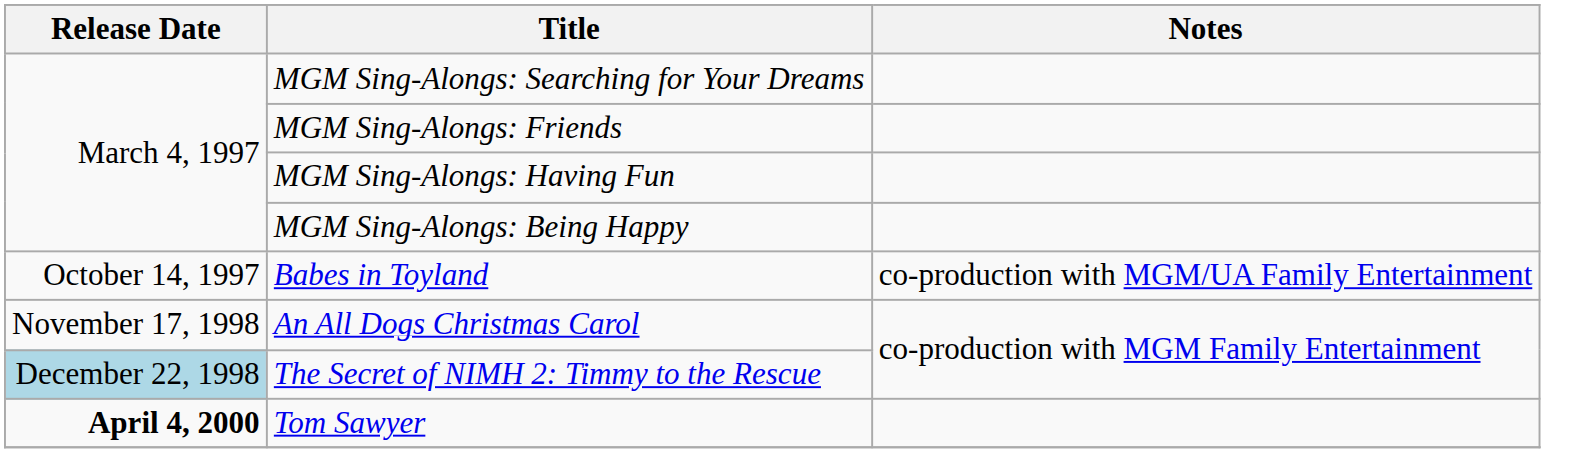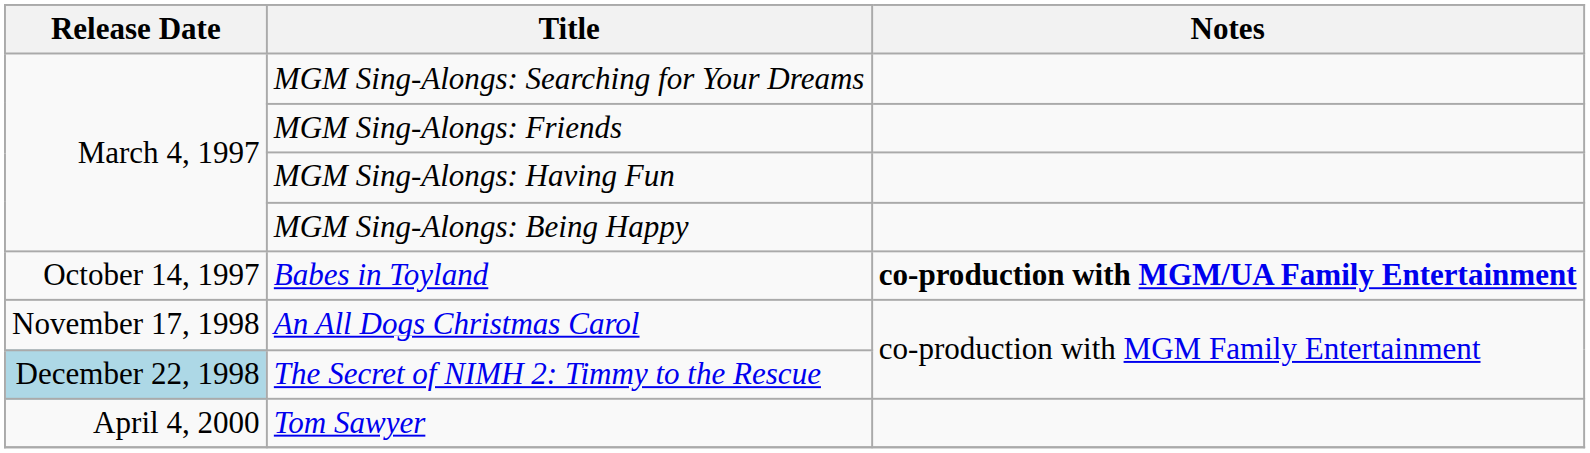 <table class="wikitable sortable">
 <tr>
 <th>Release Date</th>
 <th>Title</th>
 <th>Notes</th>
 </tr>
 <tr>
 <td rowspan="4" align="right">March 4, 1997</td>
 <td><em>MGM Sing-Alongs: Searching for Your Dreams</em></td>
 <td></td>
 </tr>
 <tr>
 <td><em>MGM Sing-Alongs: Friends</em></td>
 <td></td>
 </tr>
 <tr>
 <td><em>MGM Sing-Alongs: Having Fun</em></td>
 <td></td>
 </tr>
 <tr>
 <td><em>MGM Sing-Alongs: Being Happy</em></td>
 <td></td>
 </tr>
 <tr>
 <td align="right">October 14, 1997</td>
 <td><em><a href='#'>Babes in Toyland</a></em></td>
-<td>co-production with <a href='#'>MGM/UA Family Entertainment</a></td>
+<td><strong>co-production with <a href='#'>MGM/UA Family Entertainment</a></strong></td>
 </tr>
 <tr>
 <td align="right">November 17, 1998</td>
 <td><em><a href='#'>An All Dogs Christmas Carol</a></em></td>
 <td rowspan="2">co-production with <a href='#'>MGM Family Entertainment</a></td>
 </tr>
 <tr>
 <td align="right" style="background: lightblue;">December 22, 1998</td>
 <td><em><a href='#'>The Secret of NIMH 2: Timmy to the Rescue</a></em></td>
 </tr>
 <tr>
-<td align="right"><strong>April 4, 2000</strong></td>
+<td align="right">April 4, 2000</td>
 <td><em><a href='#'>Tom Sawyer</a></em></td>
 <td></td>
 </tr>
 <tr>
 </tr>
 </table>
